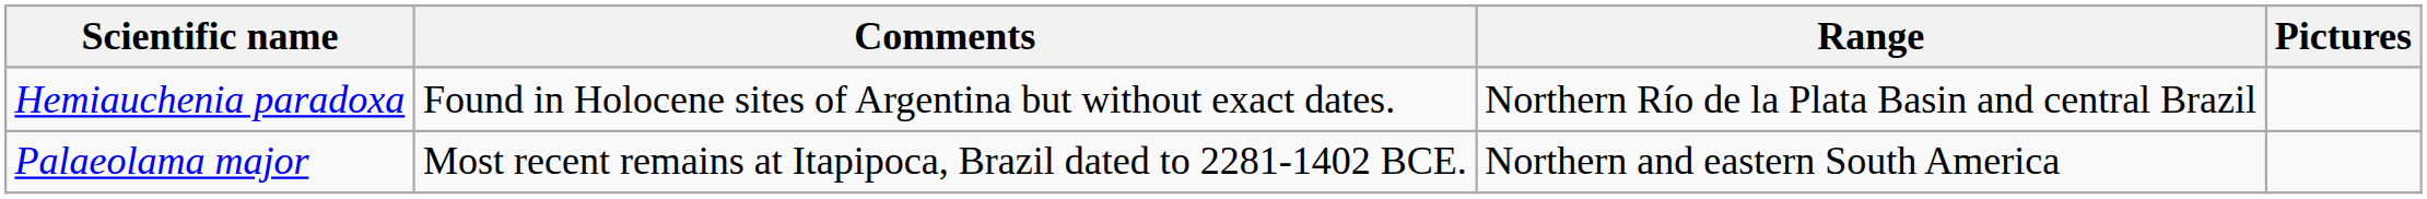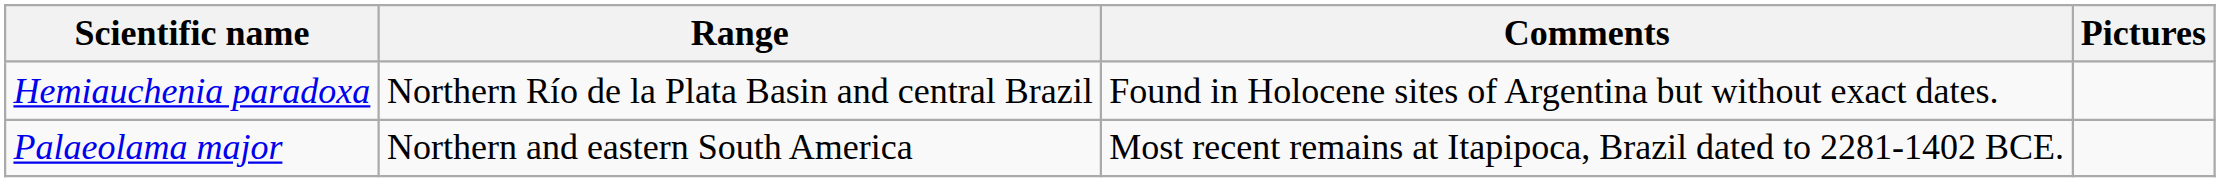 <table class="wikitable">
 <tr>
 <th>Scientific name</th>
+<th>Range</th>
 <th class="unsortable">Comments</th>
-<th>Range</th>
 <th>Pictures</th>
 </tr>
 <tr>
 <td><em><a href='#'>Hemiauchenia paradoxa</a></em></td>
+<td>Northern Río de la Plata Basin and central Brazil</td>
 <td>Found in Holocene sites of Argentina but without exact dates.</td>
-<td>Northern Río de la Plata Basin and central Brazil</td>
 <td></td>
 </tr>
 <tr>
 <td><em><a href='#'>Palaeolama major</a></em></td>
+<td>Northern and eastern South America</td>
 <td>Most recent remains at Itapipoca, Brazil dated to 2281-1402 BCE.</td>
-<td>Northern and eastern South America</td>
 <td></td>
 </tr>
 </table>
